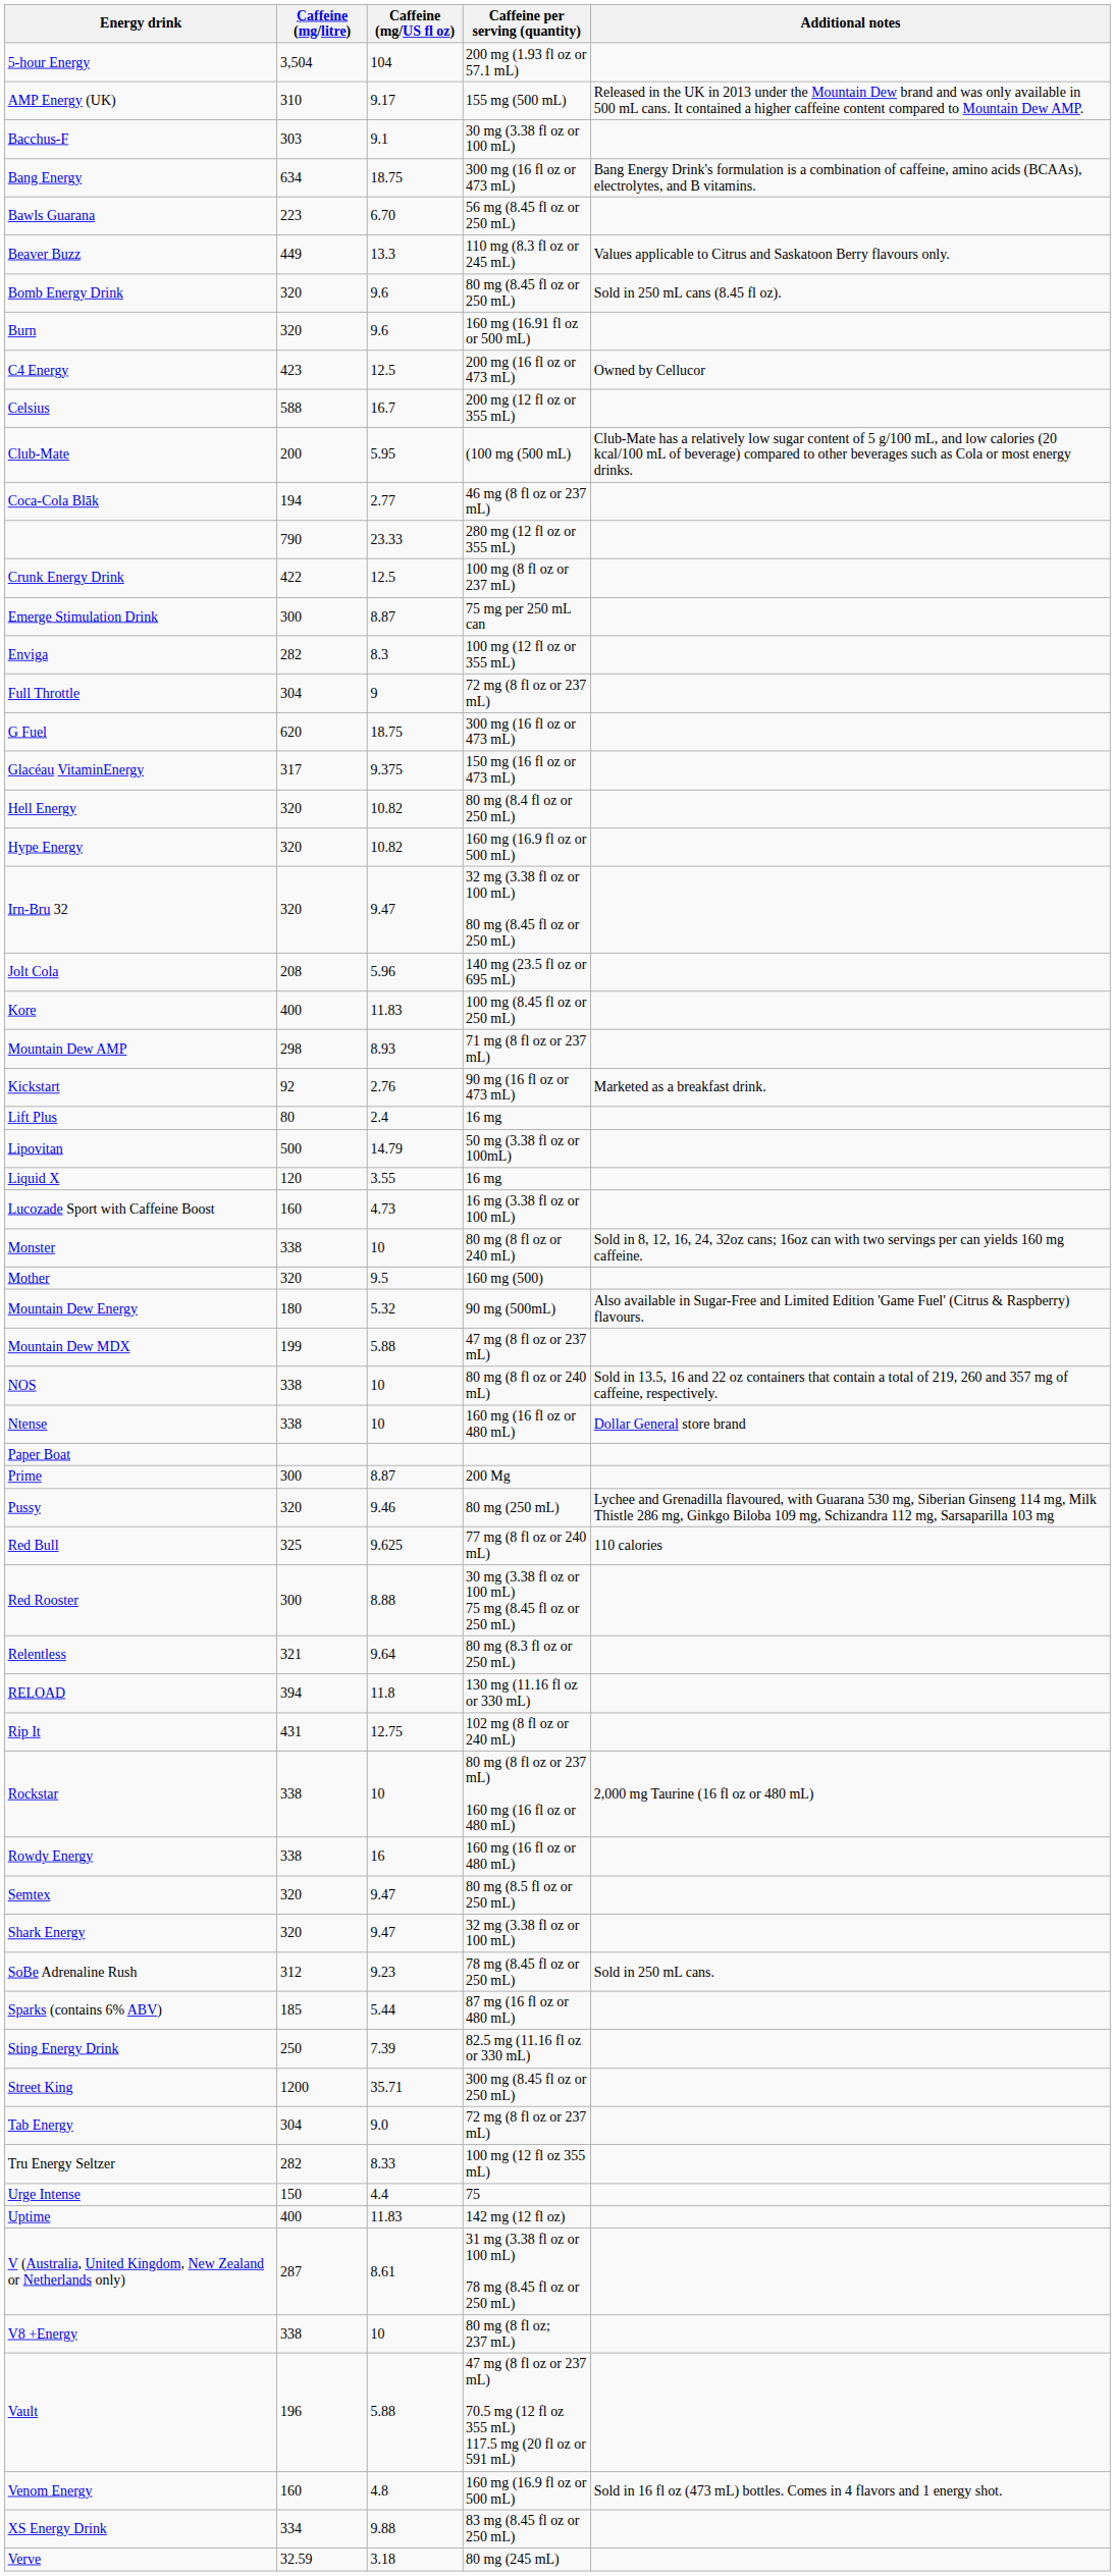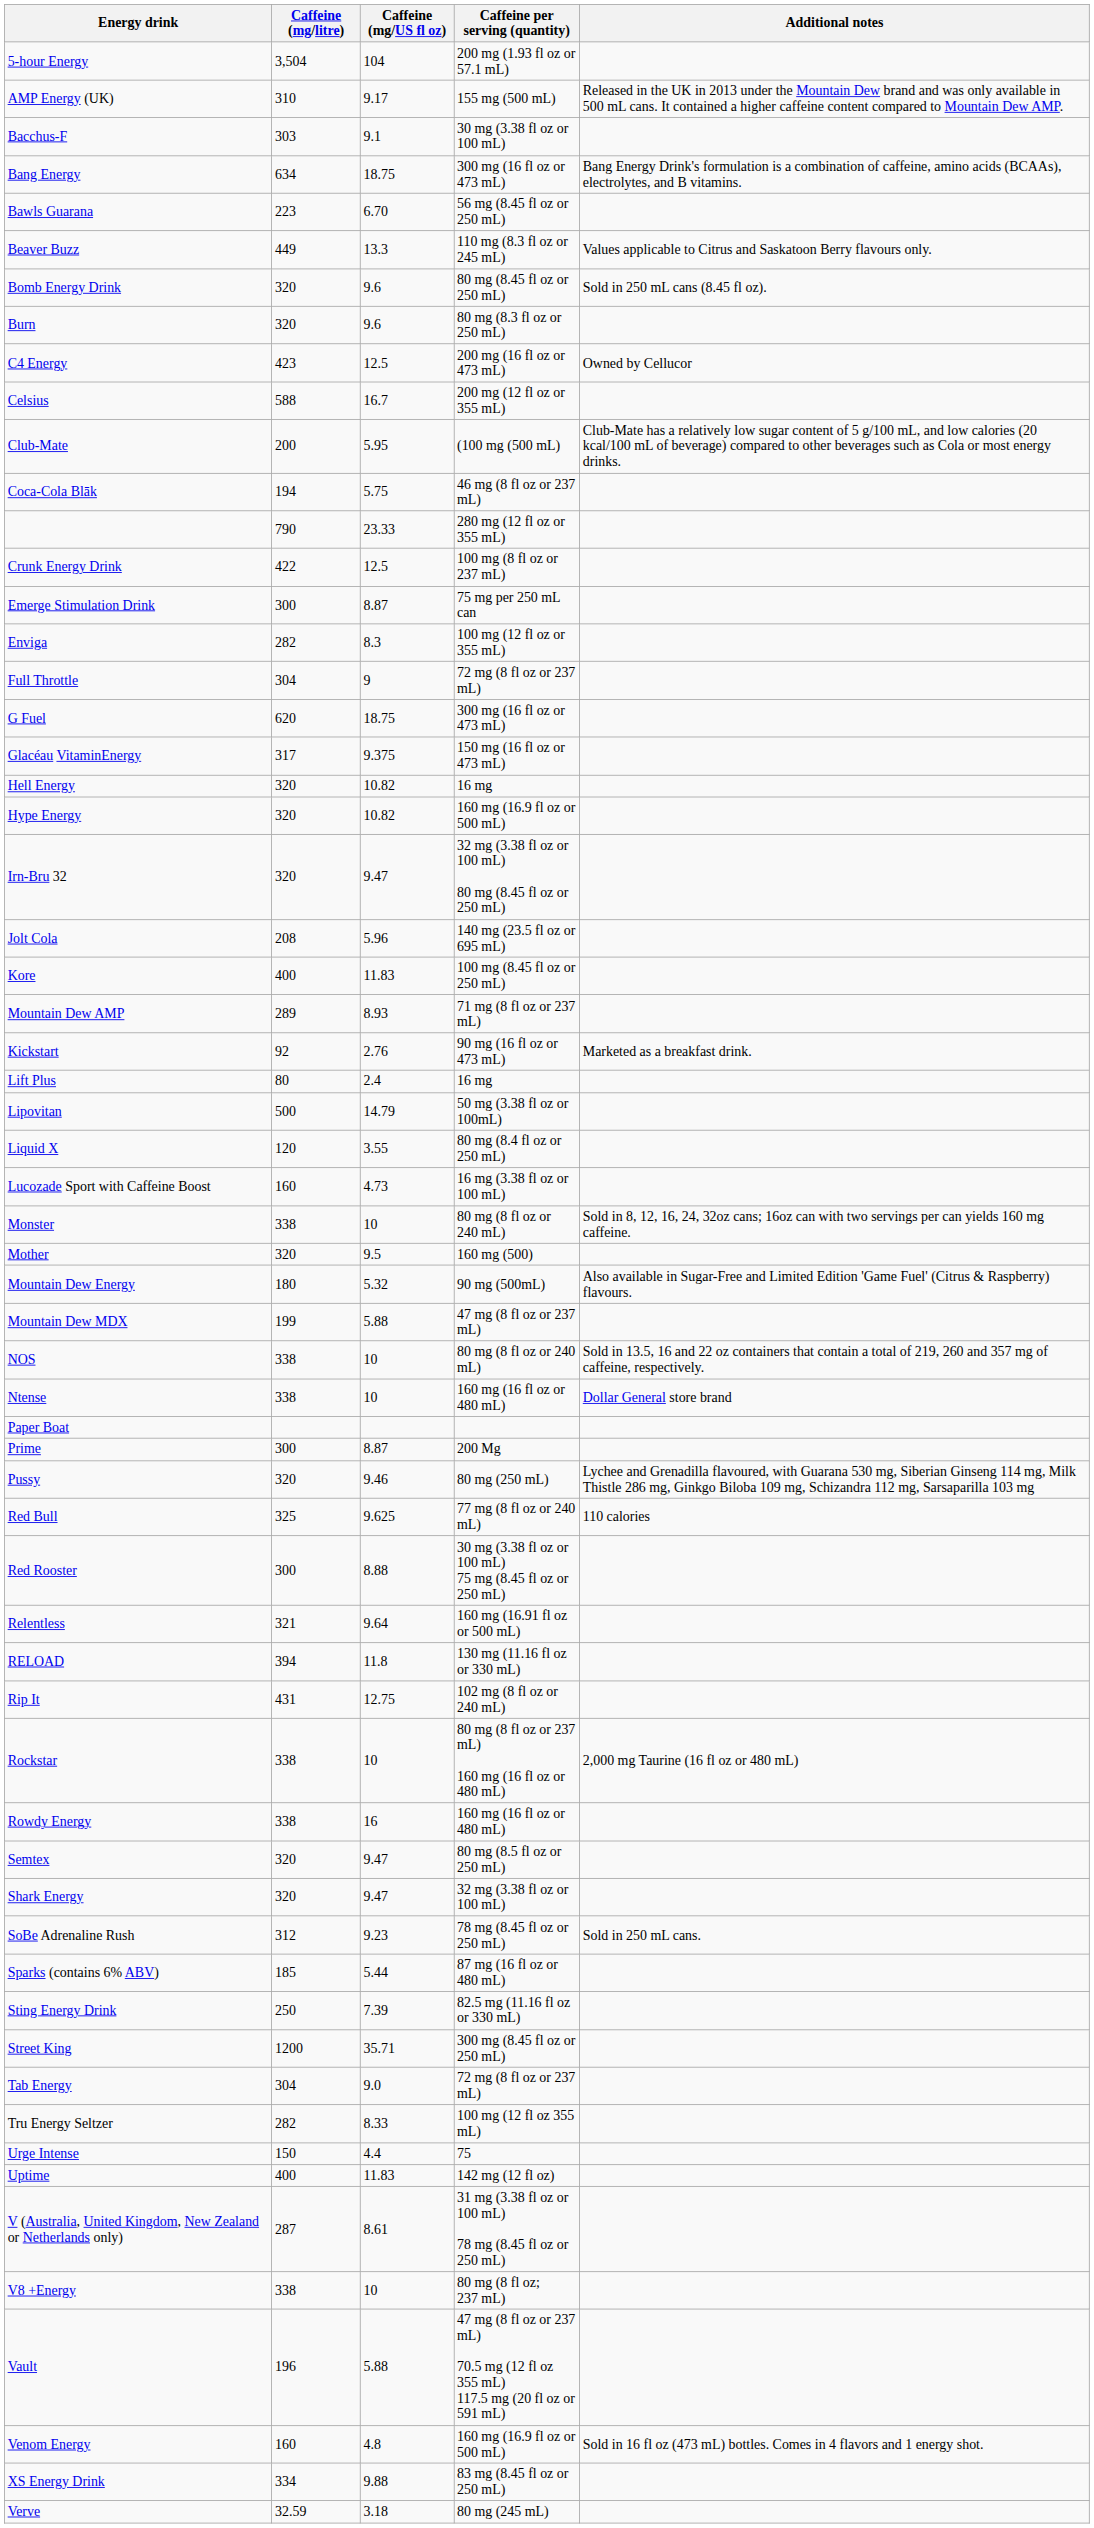 <table class="wikitable sortable" style="table-layout:fixed;">
 <tr>
 <th style="width:300px;">Energy drink</th>
 <th><a href='#'>Caffeine</a> (<a href='#'>mg</a>/<a href='#'>litre</a>)</th>
 <th style="width:100px;">Caffeine<br>(mg/<a href='#'>US fl oz</a>)</th>
 <th>Caffeine per serving (quantity)</th>
 <th class="unsortable">Additional notes</th>
 </tr>
 <tr>
 <td><a href='#'>5-hour Energy</a></td>
 <td>3,504</td>
 <td>104</td>
 <td>200 mg (1.93 fl oz or 57.1 mL)</td>
 <td></td>
 </tr>
 <tr>
 <td><a href='#'>AMP Energy</a> (UK)</td>
 <td>310</td>
 <td>9.17</td>
 <td>155 mg (500 mL)</td>
 <td>Released in the UK in 2013 under the <a href='#'>Mountain Dew</a> brand and was only available in 500 mL cans. It contained a higher caffeine content compared to <a href='#'>Mountain Dew AMP</a>.</td>
 </tr>
 <tr>
 <td><a href='#'>Bacchus-F</a></td>
 <td>303</td>
 <td>9.1</td>
 <td>30 mg (3.38 fl oz or 100 mL)</td>
 <td></td>
 </tr>
 <tr>
 <td><a href='#'>Bang Energy</a></td>
 <td>634</td>
 <td>18.75</td>
 <td>300 mg (16 fl oz or 473 mL)</td>
 <td>Bang Energy Drink's formulation is a combination of caffeine, amino acids (BCAAs), electrolytes, and B vitamins.</td>
 </tr>
 <tr>
 <td><a href='#'>Bawls Guarana</a></td>
 <td>223</td>
 <td>6.70</td>
 <td>56 mg (8.45 fl oz or 250 mL)</td>
 <td></td>
 </tr>
 <tr>
 <td><a href='#'>Beaver Buzz</a></td>
 <td>449</td>
 <td>13.3</td>
 <td>110 mg (8.3 fl oz or 245 mL)</td>
 <td>Values applicable to Citrus and Saskatoon Berry flavours only.</td>
 </tr>
 <tr>
 <td><a href='#'>Bomb Energy Drink</a></td>
 <td>320</td>
 <td>9.6</td>
 <td>80 mg (8.45 fl oz or 250 mL)</td>
 <td>Sold in 250 mL cans (8.45 fl oz).</td>
 </tr>
 <tr>
 <td><a href='#'>Burn</a></td>
 <td>320</td>
 <td>9.6</td>
-<td>160 mg (16.91 fl oz or 500 mL)</td>
+<td>80 mg (8.3 fl oz or 250 mL)</td>
 <td></td>
 </tr>
 <tr>
 <td><a href='#'>C4 Energy</a></td>
 <td>423</td>
 <td>12.5</td>
 <td>200 mg (16 fl oz or 473 mL)</td>
 <td>Owned by Cellucor</td>
 </tr>
 <tr>
 <td><a href='#'>Celsius</a></td>
 <td>588</td>
 <td>16.7</td>
 <td>200 mg (12 fl oz or 355 mL)</td>
 <td></td>
 </tr>
 <tr>
 <td><a href='#'>Club-Mate</a></td>
 <td>200</td>
 <td>5.95</td>
 <td>(100 mg (500 mL)</td>
 <td>Club-Mate has a relatively low sugar content of 5 g/100 mL, and low calories (20 kcal/100 mL of beverage) compared to other beverages such as Cola or most energy drinks.</td>
 </tr>
 <tr>
 <td><a href='#'>Coca-Cola Blāk</a></td>
 <td>194</td>
-<td>2.77</td>
+<td>5.75</td>
 <td>46 mg (8 fl oz or 237 mL)</td>
 <td></td>
 </tr>
 <tr>
 <td></td>
 <td>790</td>
 <td>23.33</td>
 <td>280 mg (12 fl oz or 355 mL)</td>
 <td></td>
 </tr>
 <tr>
 <td><a href='#'>Crunk Energy Drink</a></td>
 <td>422</td>
 <td>12.5</td>
 <td>100 mg (8 fl oz or 237 mL)</td>
 <td></td>
 </tr>
 <tr>
 <td><a href='#'>Emerge Stimulation Drink</a></td>
 <td>300</td>
 <td>8.87</td>
 <td>75 mg per 250 mL can</td>
 <td></td>
 </tr>
 <tr>
 <td><a href='#'>Enviga</a></td>
 <td>282</td>
 <td>8.3</td>
 <td>100 mg (12 fl oz or 355 mL)</td>
 <td></td>
 </tr>
 <tr>
 <td><a href='#'>Full Throttle</a></td>
 <td>304</td>
 <td>9</td>
 <td>72 mg (8 fl oz or 237 mL)</td>
 <td></td>
 </tr>
 <tr>
 <td><a href='#'>G Fuel</a></td>
 <td>620</td>
 <td>18.75</td>
 <td>300 mg (16 fl oz or 473 mL)</td>
 <td></td>
 </tr>
 <tr>
 <td><a href='#'>Glacéau</a> <a href='#'>VitaminEnergy</a></td>
 <td>317</td>
 <td>9.375</td>
 <td>150 mg (16 fl oz or 473 mL)</td>
 <td></td>
 </tr>
 <tr>
 <td><a href='#'>Hell Energy</a></td>
 <td>320</td>
 <td>10.82</td>
-<td>80 mg (8.4 fl oz or 250 mL)</td>
+<td>16 mg</td>
 <td></td>
 </tr>
 <tr>
 <td><a href='#'>Hype Energy</a></td>
 <td>320</td>
 <td>10.82</td>
 <td>160 mg (16.9 fl oz or 500 mL)</td>
 <td></td>
 </tr>
 <tr>
 <td><a href='#'>Irn-Bru</a> 32</td>
 <td>320</td>
 <td>9.47</td>
 <td>32 mg (3.38 fl oz or 100 mL)<br><br>80 mg (8.45 fl oz or 250 mL)</td>
 <td></td>
 </tr>
 <tr>
 <td><a href='#'>Jolt Cola</a></td>
 <td>208</td>
 <td>5.96</td>
 <td>140 mg (23.5 fl oz or 695 mL)</td>
 <td></td>
 </tr>
 <tr>
 <td><a href='#'>Kore</a></td>
 <td>400</td>
 <td>11.83</td>
 <td>100 mg (8.45 fl oz or 250 mL)</td>
 <td></td>
 </tr>
 <tr>
 <td><a href='#'>Mountain Dew AMP</a></td>
-<td>298</td>
+<td>289</td>
 <td>8.93</td>
 <td>71 mg (8 fl oz or 237 mL)</td>
 <td></td>
 </tr>
 <tr>
 <td><a href='#'>Kickstart</a></td>
 <td>92</td>
 <td>2.76</td>
 <td>90 mg (16 fl oz or 473 mL)</td>
 <td>Marketed as a breakfast drink.</td>
 </tr>
 <tr>
 <td><a href='#'>Lift Plus</a></td>
 <td>80</td>
 <td>2.4</td>
 <td>16 mg</td>
 <td></td>
 </tr>
 <tr>
 <td><a href='#'>Lipovitan</a></td>
 <td>500</td>
 <td>14.79</td>
 <td>50 mg (3.38 fl oz or 100mL)</td>
 <td></td>
 </tr>
 <tr>
 <td><a href='#'>Liquid X</a></td>
 <td>120</td>
 <td>3.55</td>
-<td>16 mg</td>
+<td>80 mg (8.4 fl oz or 250 mL)</td>
 <td></td>
 </tr>
 <tr>
 <td><a href='#'>Lucozade</a> Sport with Caffeine Boost</td>
 <td>160</td>
 <td>4.73</td>
 <td>16 mg (3.38 fl oz or 100 mL)</td>
 <td></td>
 </tr>
 <tr>
 <td><a href='#'>Monster</a></td>
 <td>338</td>
 <td>10</td>
 <td>80 mg (8 fl oz or 240 mL)</td>
 <td>Sold in 8, 12, 16, 24, 32oz cans; 16oz can with two servings per can yields 160 mg caffeine.</td>
 </tr>
 <tr>
 <td><a href='#'>Mother</a></td>
 <td>320</td>
 <td>9.5</td>
 <td>160 mg (500)</td>
 </tr>
 <tr>
 <td><a href='#'>Mountain Dew Energy</a></td>
 <td>180</td>
 <td>5.32</td>
 <td>90 mg (500mL)</td>
 <td>Also available in Sugar-Free and Limited Edition 'Game Fuel' (Citrus & Raspberry) flavours.</td>
 </tr>
 <tr>
 <td><a href='#'>Mountain Dew MDX</a></td>
 <td>199</td>
 <td>5.88</td>
 <td>47 mg (8 fl oz or 237 mL)</td>
 <td></td>
 </tr>
 <tr>
 <td><a href='#'>NOS</a></td>
 <td>338</td>
 <td>10</td>
 <td>80 mg (8 fl oz or 240 mL)</td>
 <td>Sold in 13.5, 16 and 22 oz containers that contain a total of 219, 260 and 357 mg of caffeine, respectively.</td>
 </tr>
 <tr>
 <td><a href='#'>Ntense</a></td>
 <td>338</td>
 <td>10</td>
 <td>160 mg (16 fl oz or 480 mL)</td>
 <td><a href='#'>Dollar General</a> store brand</td>
 </tr>
 <tr>
 <td><a href='#'>Paper Boat</a></td>
 <td></td>
 <td></td>
 <td></td>
 <td></td>
 </tr>
 <tr>
 <td><a href='#'>Prime</a></td>
 <td>300</td>
 <td>8.87</td>
 <td>200 Mg</td>
 </tr>
 <tr>
 <td><a href='#'>Pussy</a></td>
 <td>320</td>
 <td>9.46</td>
 <td>80 mg (250 mL)</td>
 <td>Lychee and Grenadilla flavoured, with Guarana 530 mg, Siberian Ginseng 114 mg, Milk Thistle 286 mg, Ginkgo Biloba 109 mg, Schizandra 112 mg, Sarsaparilla 103 mg</td>
 </tr>
 <tr>
 <td><a href='#'>Red Bull</a></td>
 <td>325</td>
 <td>9.625</td>
 <td>77 mg (8 fl oz or 240 mL)</td>
 <td>110 calories</td>
 </tr>
 <tr>
 <td><a href='#'>Red Rooster</a></td>
 <td>300</td>
 <td>8.88</td>
 <td>30 mg (3.38 fl oz or 100 mL)<br>75 mg (8.45 fl oz or 250 mL)</td>
 <td></td>
 </tr>
 <tr>
 <td><a href='#'>Relentless</a></td>
 <td>321</td>
 <td>9.64</td>
-<td>80 mg (8.3 fl oz or 250 mL)</td>
+<td>160 mg (16.91 fl oz or 500 mL)</td>
 <td></td>
 </tr>
 <tr>
 <td><a href='#'>RELOAD</a></td>
 <td>394</td>
 <td>11.8</td>
 <td>130 mg (11.16 fl oz or 330 mL)</td>
 <td></td>
 </tr>
 <tr>
 <td><a href='#'>Rip It</a></td>
 <td>431</td>
 <td>12.75</td>
 <td>102 mg (8 fl oz or 240 mL)</td>
 <td></td>
 </tr>
 <tr>
 <td><a href='#'>Rockstar</a></td>
 <td>338</td>
 <td>10</td>
 <td>80 mg (8 fl oz or 237 mL)<br><br>160 mg (16 fl oz or 480 mL)</td>
 <td>2,000 mg Taurine (16 fl oz or 480 mL)</td>
 </tr>
 <tr>
 <td><a href='#'>Rowdy Energy</a></td>
 <td>338</td>
 <td>16</td>
 <td>160 mg (16 fl oz or 480 mL)</td>
 <td></td>
 </tr>
 <tr>
 <td><a href='#'>Semtex</a></td>
 <td>320</td>
 <td>9.47</td>
 <td>80 mg (8.5 fl oz or 250 mL)</td>
 <td></td>
 </tr>
 <tr>
 <td><a href='#'>Shark Energy</a></td>
 <td>320</td>
 <td>9.47</td>
 <td>32 mg (3.38 fl oz or 100 mL)</td>
 <td></td>
 </tr>
 <tr>
 <td><a href='#'>SoBe</a> Adrenaline Rush</td>
 <td>312</td>
 <td>9.23</td>
 <td>78 mg (8.45 fl oz or 250 mL)</td>
 <td>Sold in 250 mL cans.</td>
 </tr>
 <tr>
 <td><a href='#'>Sparks</a> (contains 6% <a href='#'>ABV</a>)</td>
 <td>185</td>
 <td>5.44</td>
 <td>87 mg (16 fl oz or 480 mL)</td>
 </tr>
 <tr>
 <td><a href='#'>Sting Energy Drink</a></td>
 <td>250</td>
 <td>7.39</td>
 <td>82.5 mg (11.16 fl oz or 330 mL)</td>
 <td></td>
 </tr>
 <tr>
 <td><a href='#'>Street King</a></td>
 <td>1200</td>
 <td>35.71</td>
 <td>300 mg (8.45 fl oz or 250 mL)</td>
 <td></td>
 </tr>
 <tr>
 <td><a href='#'>Tab Energy</a></td>
 <td>304</td>
 <td>9.0</td>
 <td>72 mg (8 fl oz or 237 mL)</td>
 <td></td>
 </tr>
 <tr>
 <td>Tru Energy Seltzer</td>
 <td>282</td>
 <td>8.33</td>
 <td>100 mg (12 fl oz 355 mL)</td>
 <td></td>
 </tr>
 <tr>
 <td><a href='#'>Urge Intense</a></td>
 <td>150</td>
 <td>4.4</td>
 <td>75</td>
 <td></td>
 </tr>
 <tr>
 <td><a href='#'>Uptime</a></td>
 <td>400</td>
 <td>11.83</td>
 <td>142 mg (12 fl oz)</td>
 <td></td>
 </tr>
 <tr>
 <td><a href='#'>V</a> (<a href='#'>Australia</a>, <a href='#'>United Kingdom</a>, <a href='#'>New Zealand</a> or <a href='#'>Netherlands</a> only)</td>
 <td>287</td>
 <td>8.61</td>
 <td>31 mg (3.38 fl oz or 100 mL)<br><br>78 mg (8.45 fl oz or 250 mL)</td>
 <td></td>
 </tr>
 <tr>
 <td><a href='#'>V8 +Energy</a></td>
 <td>338</td>
 <td>10</td>
 <td>80 mg (8 fl oz; 237 mL)</td>
 <td></td>
 </tr>
 <tr>
 <td><a href='#'>Vault</a></td>
 <td>196</td>
 <td>5.88</td>
 <td>47 mg (8 fl oz or 237 mL)<br><br>70.5 mg (12 fl oz 355 mL)<br> 117.5 mg (20 fl oz or 591 mL)</td>
 <td></td>
 </tr>
 <tr>
 <td><a href='#'>Venom Energy</a></td>
 <td>160</td>
 <td>4.8</td>
 <td>160 mg (16.9 fl oz or 500 mL)</td>
 <td>Sold in 16 fl oz (473 mL) bottles. Comes in 4 flavors and 1 energy shot.</td>
 </tr>
 <tr>
 <td><a href='#'>XS Energy Drink</a></td>
 <td>334</td>
 <td>9.88</td>
 <td>83 mg (8.45 fl oz or 250 mL)</td>
 <td></td>
 </tr>
 <tr>
 <td><a href='#'>Verve</a></td>
 <td>32.59</td>
 <td>3.18</td>
 <td>80 mg (245 mL)</td>
 <td></td>
 </tr>
 </table>
